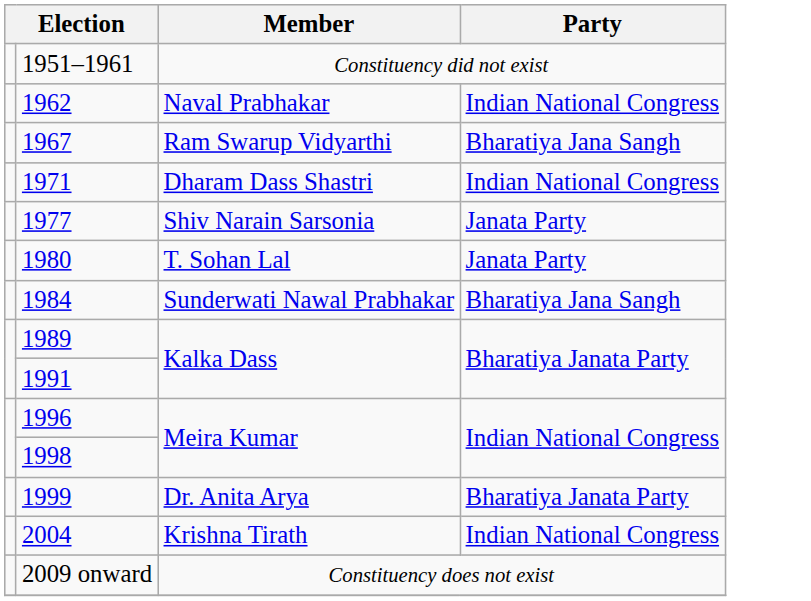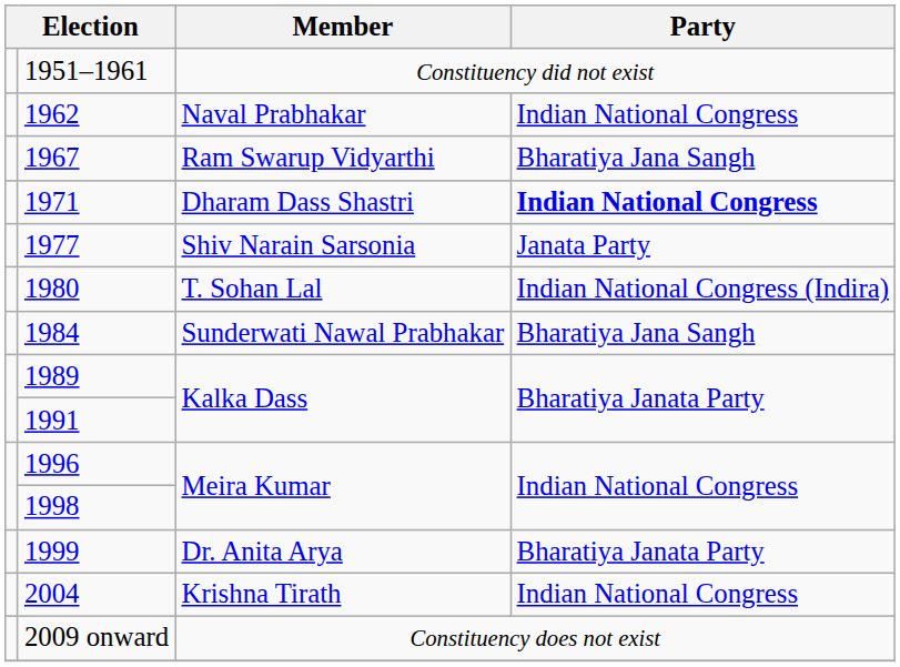 <table class="wikitable">
 <tr>
 <th colspan="2">Election</th>
 <th>Member</th>
 <th>Party</th>
 </tr>
 <tr>
 <td style="background-color:"></td>
 <td>1951–1961</td>
 <td colspan=2 align=center><small><em>Constituency did not exist</em></small></td>
 </tr>
 <tr>
 <td style="background-color: "></td>
 <td><a href='#'>1962</a></td>
 <td><a href='#'>Naval Prabhakar</a></td>
 <td><a href='#'>Indian National Congress</a></td>
 </tr>
 <tr>
 <td style="background-color: "></td>
 <td><a href='#'>1967</a></td>
 <td><a href='#'>Ram Swarup Vidyarthi</a></td>
 <td><a href='#'>Bharatiya Jana Sangh</a></td>
 </tr>
 <tr>
 <td style="background-color: "></td>
 <td><a href='#'>1971</a></td>
 <td><a href='#'>Dharam Dass Shastri</a></td>
-<td><a href='#'>Indian National Congress</a></td>
+<td><strong><a href='#'>Indian National Congress</a></strong></td>
 </tr>
 <tr>
 <td style="background-color: "></td>
 <td><a href='#'>1977</a></td>
 <td><a href='#'>Shiv Narain Sarsonia</a></td>
 <td><a href='#'>Janata Party</a></td>
 </tr>
 <tr>
 <td style="background-color: "></td>
 <td><a href='#'>1980</a></td>
 <td><a href='#'>T. Sohan Lal</a></td>
-<td><a href='#'>Janata Party</a></td>
+<td><a href='#'>Indian National Congress (Indira)</a></td>
 </tr>
 <tr>
 <td style="background-color: "></td>
 <td><a href='#'>1984</a></td>
 <td><a href='#'>Sunderwati Nawal Prabhakar</a></td>
 <td><a href='#'>Bharatiya Jana Sangh</a></td>
 </tr>
 <tr>
 <td rowspan="2" style="background-color: "></td>
 <td><a href='#'>1989</a></td>
 <td rowspan="2"><a href='#'>Kalka Dass</a></td>
 <td rowspan="2"><a href='#'>Bharatiya Janata Party</a></td>
 </tr>
 <tr>
 <td><a href='#'>1991</a></td>
 </tr>
 <tr>
 <td rowspan="2" style="background-color: "></td>
 <td><a href='#'>1996</a></td>
 <td rowspan="2"><a href='#'>Meira Kumar</a></td>
 <td rowspan="2"><a href='#'>Indian National Congress</a></td>
 </tr>
 <tr>
 <td><a href='#'>1998</a></td>
 </tr>
 <tr>
 <td style="background-color: "></td>
 <td><a href='#'>1999</a></td>
 <td><a href='#'>Dr. Anita Arya</a></td>
 <td><a href='#'>Bharatiya Janata Party</a></td>
 </tr>
 <tr>
 <td style="background-color: "></td>
 <td><a href='#'>2004</a></td>
 <td><a href='#'>Krishna Tirath</a></td>
 <td><a href='#'>Indian National Congress</a></td>
 </tr>
 <tr>
 <td style="background-color:"></td>
 <td>2009 onward</td>
 <td colspan=2 align=center><small><em>Constituency does not exist</em></small></td>
 </tr>
 <tr>
 </tr>
 </table>
